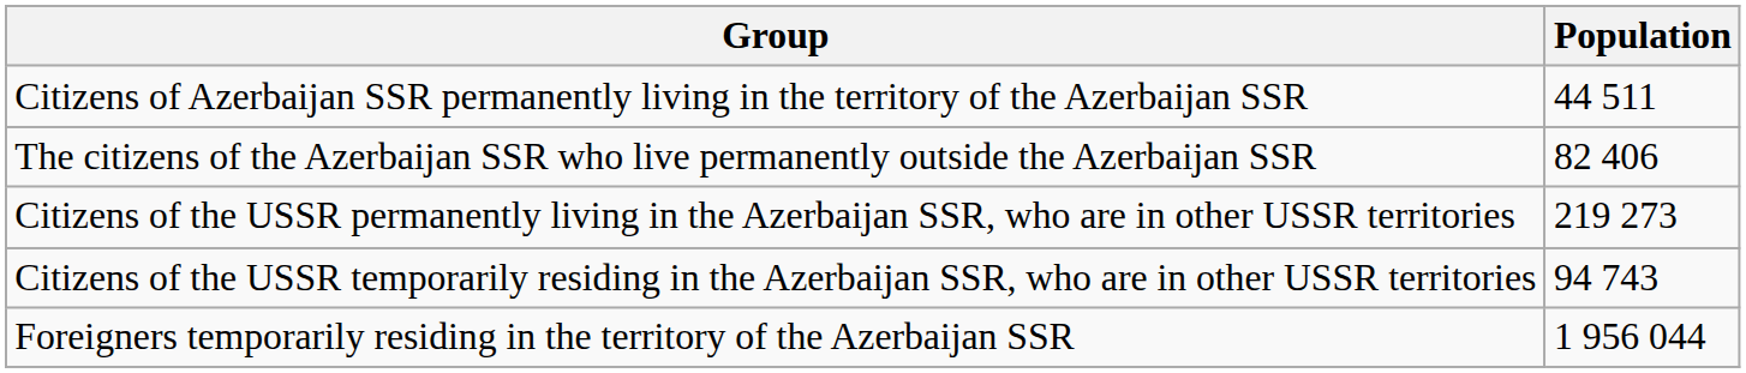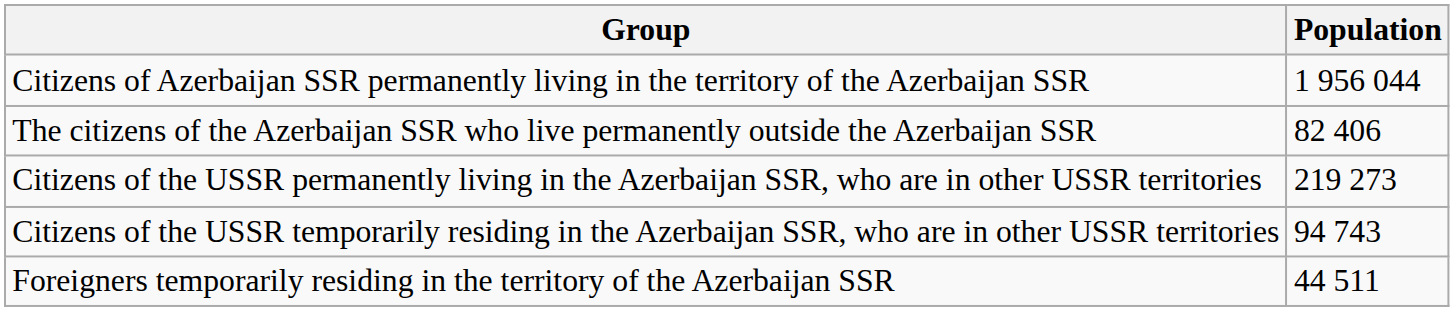 <table class="wikitable">
 <tr>
 <th>Group</th>
 <th>Population</th>
 </tr>
 <tr>
 <td>Citizens of Azerbaijan SSR permanently living in the territory of the Azerbaijan SSR</td>
-<td>44 511</td>
+<td>1 956 044</td>
 </tr>
 <tr>
 <td>The citizens of the Azerbaijan SSR who live permanently outside the Azerbaijan SSR</td>
 <td>82 406</td>
 </tr>
 <tr>
 <td>Citizens of the USSR permanently living in the Azerbaijan SSR, who are in other USSR  territories</td>
 <td>219 273</td>
 </tr>
 <tr>
 <td>Citizens of the USSR temporarily residing in the Azerbaijan SSR, who are in other USSR  territories</td>
 <td>94 743</td>
 </tr>
 <tr>
 <td>Foreigners temporarily residing in the territory of the Azerbaijan SSR</td>
-<td>1 956 044</td>
+<td>44 511</td>
 </tr>
 </table>
